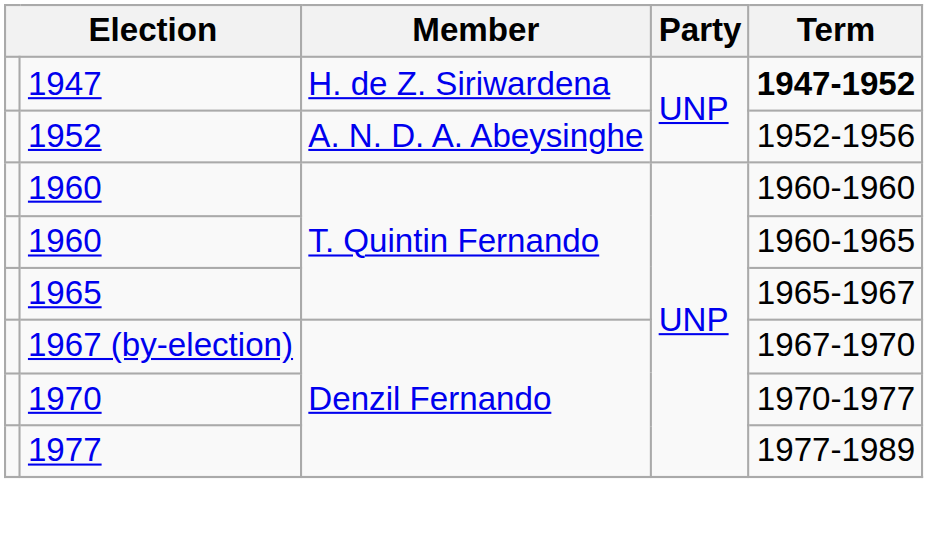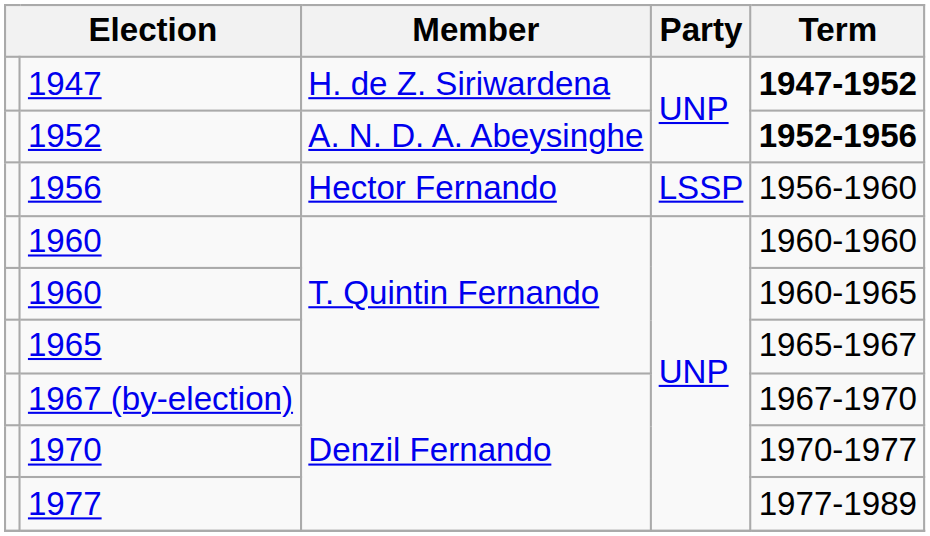 <table class="wikitable">
 <tr>
 <th colspan="2">Election</th>
 <th>Member</th>
 <th>Party</th>
 <th>Term</th>
 </tr>
 <tr>
 <td style="background-color: "></td>
 <td><a href='#'>1947</a></td>
 <td><a href='#'>H. de Z. Siriwardena</a></td>
 <td rowspan=2><a href='#'>UNP</a></td>
 <td><strong>1947-1952</strong></td>
 </tr>
 <tr>
 <td style="background-color: "></td>
 <td><a href='#'>1952</a></td>
 <td><a href='#'>A. N. D. A. Abeysinghe</a></td>
-<td>1952-1956</td>
+<td><strong>1952-1956</strong></td>
+</tr>
+<tr>
+<td style="background-color: "></td>
+<td><a href='#'>1956</a></td>
+<td><a href='#'>Hector Fernando</a></td>
+<td><a href='#'>LSSP</a></td>
+<td>1956-1960</td>
 </tr>
 <tr>
 <td style="background-color: "></td>
 <td><a href='#'>1960</a></td>
 <td rowspan=3><a href='#'>T. Quintin Fernando</a></td>
 <td rowspan=6><a href='#'>UNP</a></td>
 <td>1960-1960</td>
 </tr>
 <tr>
 <td style="background-color: "></td>
 <td><a href='#'>1960</a></td>
 <td>1960-1965</td>
 </tr>
 <tr>
 <td style="background-color: "></td>
 <td><a href='#'>1965</a></td>
 <td>1965-1967</td>
 </tr>
 <tr>
 <td style="background-color: "></td>
 <td><a href='#'>1967 (by-election)</a></td>
 <td rowspan=3><a href='#'>Denzil Fernando</a></td>
 <td>1967-1970</td>
 </tr>
 <tr>
 <td style="background-color: "></td>
 <td><a href='#'>1970</a></td>
 <td>1970-1977</td>
 </tr>
 <tr>
 <td style="background-color: "></td>
 <td><a href='#'>1977</a></td>
 <td>1977-1989</td>
 </tr>
 <tr>
 </tr>
 </table>
